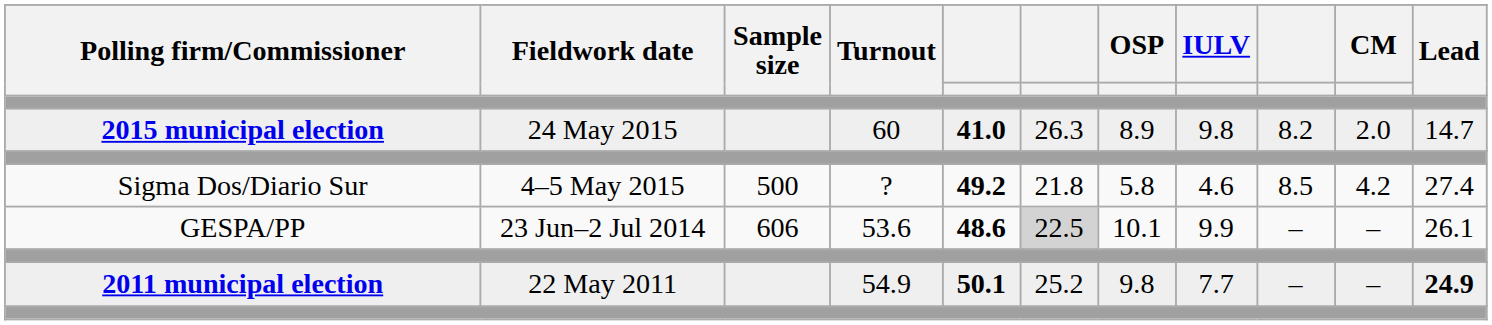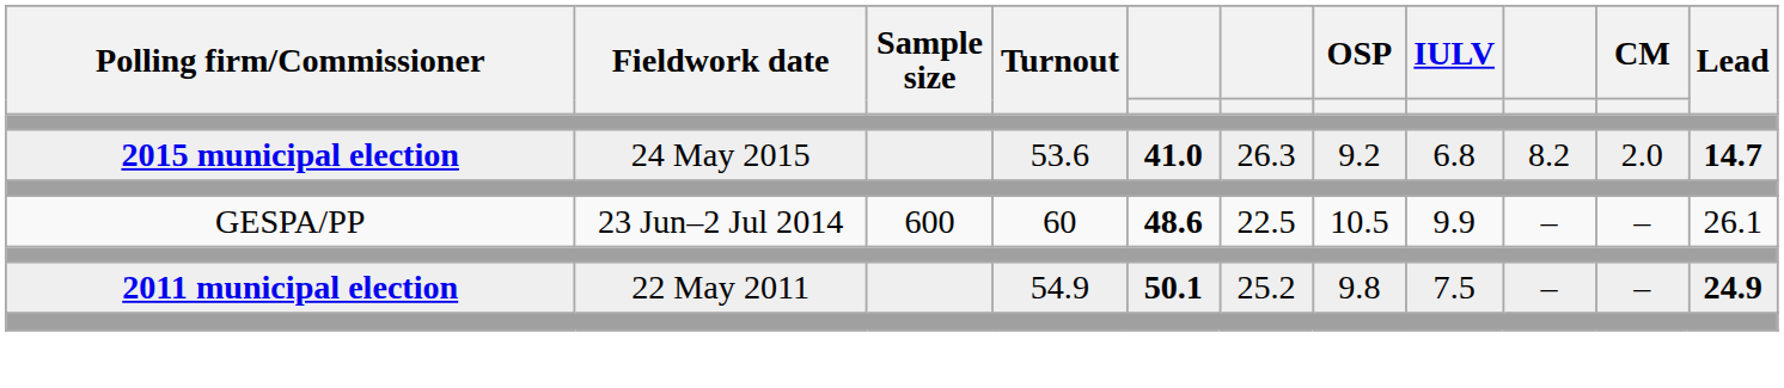 <table class="wikitable collapsible collapsed" style="text-align:center; font-size:95%; line-height:16px;">
 <tr style="height:42px;">
 <th style="width:250px;" rowspan="2">Polling firm/Commissioner</th>
 <th style="width:125px;" rowspan="2">Fieldwork date</th>
 <th style="width:50px;" rowspan="2">Sample size</th>
 <th style="width:45px;" rowspan="2">Turnout</th>
 <th style="width:35px;"></th>
 <th style="width:35px;"></th>
 <th style="width:35px;">OSP</th>
 <th style="width:35px;"><a href='#'>IULV</a></th>
 <th style="width:35px;"></th>
 <th style="width:35px;">CM</th>
 <th style="width:30px;" rowspan="2">Lead</th>
 </tr>
 <tr>
 <th style="color:inherit;background:"></th>
 <th style="color:inherit;background:"></th>
 <th style="color:inherit;background:"></th>
 <th style="color:inherit;background:"></th>
 <th style="color:inherit;background:"></th>
 <th style="color:inherit;background:"></th>
 </tr>
 <tr>
 <td colspan="11" style="background:#A0A0A0"></td>
 </tr>
 <tr style="background:#EFEFEF;">
 <td><strong><a href='#'>2015 municipal election</a></strong></td>
 <td>24 May 2015</td>
 <td></td>
-<td>60</td>
+<td>53.6</td>
 <td><strong>41.0</strong><br></td>
 <td>26.3<br></td>
-<td>8.9<br></td>
-<td>9.8<br></td>
+<td>9.2<br></td>
+<td>6.8<br></td>
 <td>8.2<br></td>
 <td>2.0<br></td>
-<td style="background:">14.7</td>
+<td style="background:"><strong>14.7</strong></td>
 </tr>
 <tr>
 <td colspan="11" style="background:#A0A0A0"></td>
 </tr>
 <tr>
-<td>Sigma Dos/Diario Sur</td>
-<td>4–5 May 2015</td>
-<td>500</td>
-<td>?</td>
-<td><strong>49.2</strong><br></td>
-<td>21.8<br></td>
-<td>5.8<br></td>
-<td>4.6<br></td>
-<td>8.5<br></td>
-<td>4.2<br></td>
-<td style="background:">27.4</td>
-</tr>
-<tr>
 <td>GESPA/PP</td>
 <td>23 Jun–2 Jul 2014</td>
-<td>606</td>
-<td>53.6</td>
+<td>600</td>
+<td>60</td>
 <td><strong>48.6</strong><br></td>
-<td style="background: lightgrey;">22.5<br></td>
-<td>10.1<br></td>
+<td>22.5<br></td>
+<td>10.5<br></td>
 <td>9.9<br></td>
 <td>–</td>
 <td>–</td>
 <td style="background:">26.1</td>
 </tr>
 <tr>
 <td colspan="11" style="background:#A0A0A0"></td>
 </tr>
 <tr style="background:#EFEFEF;">
 <td><strong><a href='#'>2011 municipal election</a></strong></td>
 <td>22 May 2011</td>
 <td></td>
 <td>54.9</td>
 <td><strong>50.1</strong><br></td>
 <td>25.2<br></td>
 <td>9.8<br></td>
-<td>7.7<br></td>
+<td>7.5<br></td>
 <td>–</td>
 <td>–</td>
 <td style="background:"><strong>24.9</strong></td>
 </tr>
 <tr>
 <td colspan="11" style="background:#A0A0A0"></td>
 </tr>
 </table>
